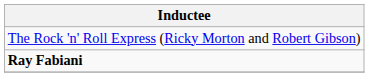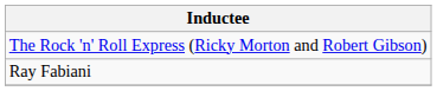 <table class="wikitable">
 <tr>
 <th>Inductee</th>
 </tr>
 <tr>
 <td><a href='#'>The Rock 'n' Roll Express</a> (<a href='#'>Ricky Morton</a> and <a href='#'>Robert Gibson</a>)</td>
 </tr>
 <tr>
-<td><strong>Ray Fabiani</strong></td>
+<td>Ray Fabiani</td>
 </tr>
 <tr>
 </tr>
 </table>
